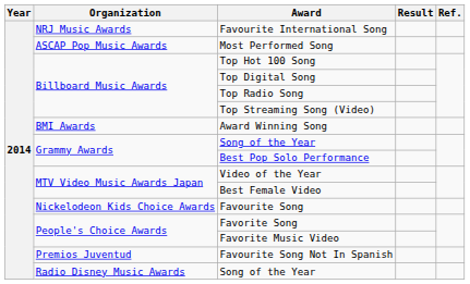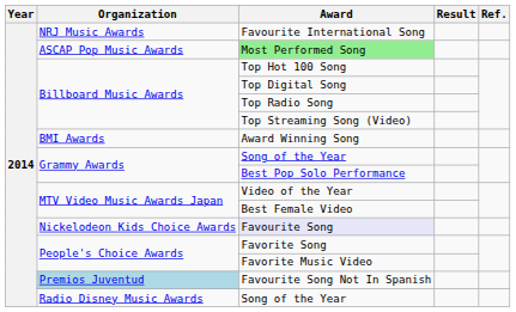 <table class="wikitable plainrowheaders">
 <tr align=center>
 <th>Year</th>
 <th>Organization</th>
 <th>Award</th>
 <th>Result</th>
 <th>Ref.</th>
 </tr>
 <tr>
 <th rowspan="19" scope="row">2014</th>
 <td><a href='#'>NRJ Music Awards</a></td>
 <td>Favourite International Song</td>
 <td></td>
 <td rowspan="1" style="text-align:center;"></td>
 </tr>
 <tr>
 <td><a href='#'>ASCAP Pop Music Awards</a></td>
-<td>Most Performed Song</td>
+<td style="background: lightgreen;">Most Performed Song</td>
 <td></td>
 <td rowspan="1" style="text-align:center;"></td>
 </tr>
 <tr>
 <td rowspan=4><a href='#'>Billboard Music Awards</a></td>
 <td>Top Hot 100 Song</td>
 <td></td>
 <td rowspan=4 style="text-align:center;"></td>
 </tr>
 <tr>
 <td>Top Digital Song</td>
 <td></td>
 </tr>
 <tr>
 <td>Top Radio Song</td>
 <td></td>
 </tr>
 <tr>
 <td>Top Streaming Song (Video)</td>
 <td></td>
 </tr>
 <tr>
 <td><a href='#'>BMI Awards</a></td>
 <td>Award Winning Song</td>
 <td></td>
 <td style="text-align:center;"></td>
 </tr>
 <tr>
 <td rowspan=2><a href='#'>Grammy Awards</a></td>
 <td><a href='#'>Song of the Year</a></td>
 <td></td>
 <td rowspan=2 style="text-align:center;"></td>
 </tr>
 <tr>
 <td><a href='#'>Best Pop Solo Performance</a></td>
 <td></td>
 </tr>
 <tr>
 <td rowspan=2><a href='#'>MTV Video Music Awards Japan</a></td>
 <td>Video of the Year</td>
 <td></td>
 <td rowspan="2" style="text-align:center;"></td>
 </tr>
 <tr>
 <td>Best Female Video</td>
 <td></td>
 </tr>
 <tr>
 <td><a href='#'>Nickelodeon Kids Choice Awards</a></td>
-<td>Favourite Song</td>
+<td style="background: lavender;">Favourite Song</td>
 <td></td>
 <td rowspan=1 style="text-align:center;"></td>
 </tr>
 <tr>
 <td rowspan=2><a href='#'>People's Choice Awards</a></td>
 <td>Favorite Song</td>
 <td></td>
 <td rowspan=2 style="text-align:center;"></td>
 </tr>
 <tr>
 <td>Favorite Music Video</td>
 <td></td>
 </tr>
 <tr>
-<td><a href='#'>Premios Juventud</a></td>
+<td style="background: lightblue;"><a href='#'>Premios Juventud</a></td>
 <td>Favourite Song Not In Spanish</td>
 <td></td>
 <td rowspan="1" style="text-align:center;"></td>
 </tr>
 <tr>
 <td><a href='#'>Radio Disney Music Awards</a></td>
 <td>Song of the Year</td>
 <td></td>
 <td rowspan=1 style="text-align:center;"></td>
 </tr>
 </table>
